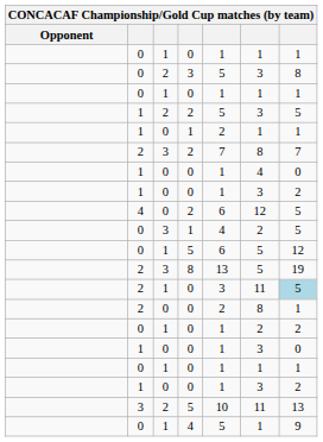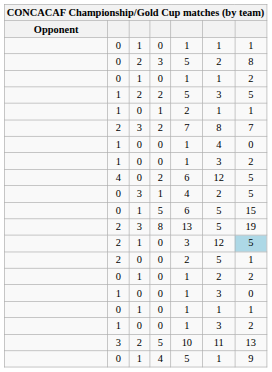 <table class="wikitable sortable" style="text-align: center;">
 <tr>
 <th colspan=7>CONCACAF Championship/Gold Cup matches (by team)</th>
 </tr>
 <tr>
 <th>Opponent</th>
 <th></th>
 <th></th>
 <th></th>
 <th></th>
 <th></th>
 <th></th>
 </tr>
 <tr>
 <td align="left"></td>
 <td>0</td>
 <td>1</td>
 <td>0</td>
 <td>1</td>
 <td>1</td>
 <td>1</td>
 </tr>
 <tr>
 <td align="left"></td>
 <td>0</td>
 <td>2</td>
 <td>3</td>
 <td>5</td>
-<td>3</td>
+<td>2</td>
 <td>8</td>
 </tr>
 <tr>
 <td align="left"></td>
 <td>0</td>
 <td>1</td>
 <td>0</td>
 <td>1</td>
 <td>1</td>
-<td>1</td>
+<td>2</td>
 </tr>
 <tr>
 <td align="left"></td>
 <td>1</td>
 <td>2</td>
 <td>2</td>
 <td>5</td>
 <td>3</td>
 <td>5</td>
 </tr>
 <tr>
 <td align="left"></td>
 <td>1</td>
 <td>0</td>
 <td>1</td>
 <td>2</td>
 <td>1</td>
 <td>1</td>
 </tr>
 <tr>
 <td align="left"></td>
 <td>2</td>
 <td>3</td>
 <td>2</td>
 <td>7</td>
 <td>8</td>
 <td>7</td>
 </tr>
 <tr>
 <td align="left"></td>
 <td>1</td>
 <td>0</td>
 <td>0</td>
 <td>1</td>
 <td>4</td>
 <td>0</td>
 </tr>
 <tr>
 <td align="left"></td>
 <td>1</td>
 <td>0</td>
 <td>0</td>
 <td>1</td>
 <td>3</td>
 <td>2</td>
 </tr>
 <tr>
 <td align="left"></td>
 <td>4</td>
 <td>0</td>
 <td>2</td>
 <td>6</td>
 <td>12</td>
 <td>5</td>
 </tr>
 <tr>
 <td align="left"></td>
 <td>0</td>
 <td>3</td>
 <td>1</td>
 <td>4</td>
 <td>2</td>
 <td>5</td>
 </tr>
 <tr>
 <td align="left"></td>
 <td>0</td>
 <td>1</td>
 <td>5</td>
 <td>6</td>
 <td>5</td>
-<td>12</td>
+<td>15</td>
 </tr>
 <tr>
 <td align="left"></td>
 <td>2</td>
 <td>3</td>
 <td>8</td>
 <td>13</td>
 <td>5</td>
 <td>19</td>
 </tr>
 <tr>
 <td align="left"></td>
 <td>2</td>
 <td>1</td>
 <td>0</td>
 <td>3</td>
-<td>11</td>
+<td>12</td>
 <td style="background: lightblue;">5</td>
 </tr>
 <tr>
 <td align="left"></td>
 <td>2</td>
 <td>0</td>
 <td>0</td>
 <td>2</td>
-<td>8</td>
+<td>5</td>
 <td>1</td>
 </tr>
 <tr>
 <td align="left"></td>
 <td>0</td>
 <td>1</td>
 <td>0</td>
 <td>1</td>
 <td>2</td>
 <td>2</td>
 </tr>
 <tr>
 <td align="left"></td>
 <td>1</td>
 <td>0</td>
 <td>0</td>
 <td>1</td>
 <td>3</td>
 <td>0</td>
 </tr>
 <tr>
 <td align="left"></td>
 <td>0</td>
 <td>1</td>
 <td>0</td>
 <td>1</td>
 <td>1</td>
 <td>1</td>
 </tr>
 <tr>
 <td align="left"></td>
 <td>1</td>
 <td>0</td>
 <td>0</td>
 <td>1</td>
 <td>3</td>
 <td>2</td>
 </tr>
 <tr>
 <td align="left"></td>
 <td>3</td>
 <td>2</td>
 <td>5</td>
 <td>10</td>
 <td>11</td>
 <td>13</td>
 </tr>
 <tr>
 <td align="left"></td>
 <td>0</td>
 <td>1</td>
 <td>4</td>
 <td>5</td>
 <td>1</td>
 <td>9</td>
 </tr>
 </table>
